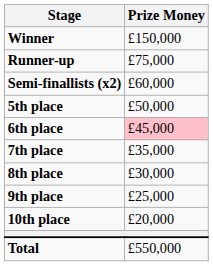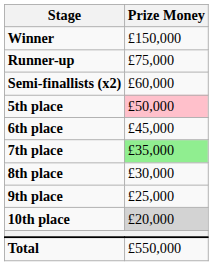 <table class="wikitable">
 <tr>
 <th>Stage</th>
 <th>Prize Money</th>
 </tr>
 <tr>
 <td><strong>Winner</strong></td>
 <td>£150,000</td>
 </tr>
 <tr>
 <td><strong>Runner-up</strong></td>
 <td>£75,000</td>
 </tr>
 <tr>
 <td><strong>Semi-finallists (x2)</strong></td>
 <td>£60,000</td>
 </tr>
 <tr>
 <td><strong>5th place</strong></td>
-<td>£50,000</td>
+<td style="background: pink;">£50,000</td>
 </tr>
 <tr>
 <td><strong>6th place</strong></td>
-<td style="background: pink;">£45,000</td>
+<td>£45,000</td>
 </tr>
 <tr>
 <td><strong>7th place</strong></td>
-<td>£35,000</td>
+<td style="background: lightgreen;">£35,000</td>
 </tr>
 <tr>
 <td><strong>8th place</strong></td>
 <td>£30,000</td>
 </tr>
 <tr>
 <td><strong>9th place</strong></td>
 <td>£25,000</td>
 </tr>
 <tr>
 <td><strong>10th place</strong></td>
-<td>£20,000</td>
+<td style="background: lightgrey;">£20,000</td>
 </tr>
 <tr>
 <th colspan=3></th>
 </tr>
 <tr style="border-top:2px solid black;">
 <td><strong>Total</strong></td>
 <td>£550,000</td>
 </tr>
 </table>
